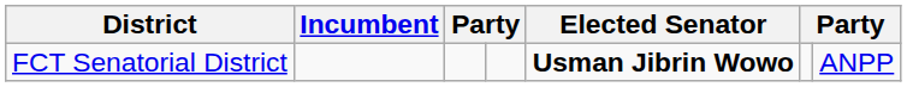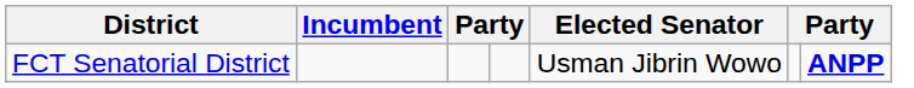 <table class="sortable wikitable" style="font-size:95%;line-height:14px;">
 <tr>
 <th class="unsortable">District</th>
 <th class="unsortable"><a href='#'>Incumbent</a></th>
 <th colspan="2">Party</th>
 <th class="unsortable">Elected Senator</th>
 <th colspan="2">Party</th>
 </tr>
 <tr>
 <td><a href='#'>FCT Senatorial District</a></td>
 <td></td>
 <td></td>
 <td></td>
-<td><strong>Usman Jibrin Wowo</strong></td>
+<td>Usman Jibrin Wowo</td>
 <td style="background:"></td>
-<td><a href='#'>ANPP</a></td>
+<td><strong><a href='#'>ANPP</a></strong></td>
 </tr>
 </table>
